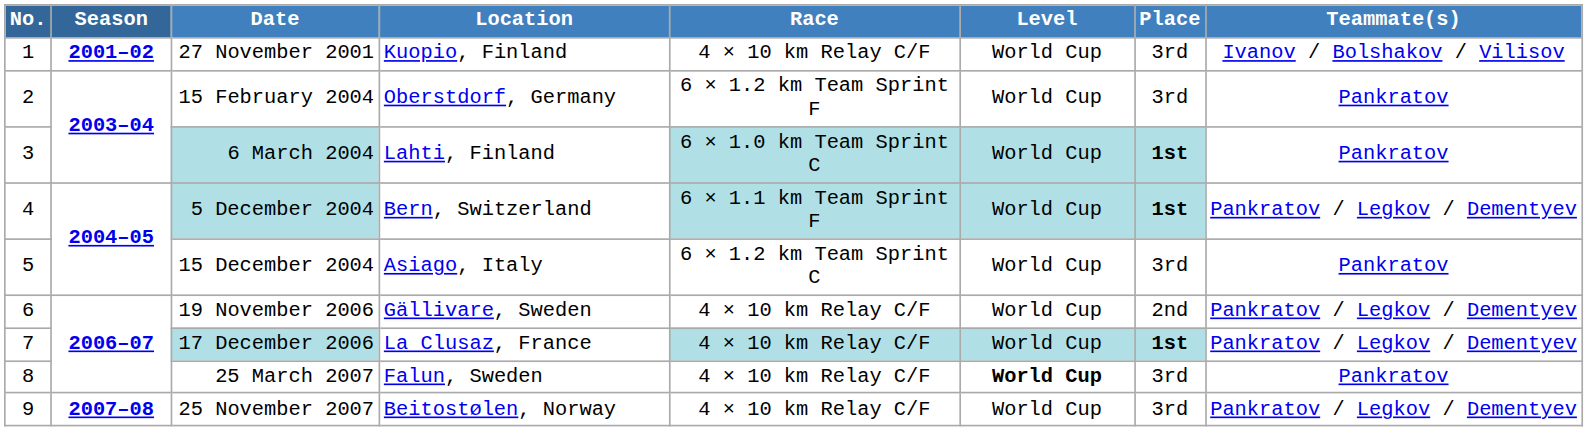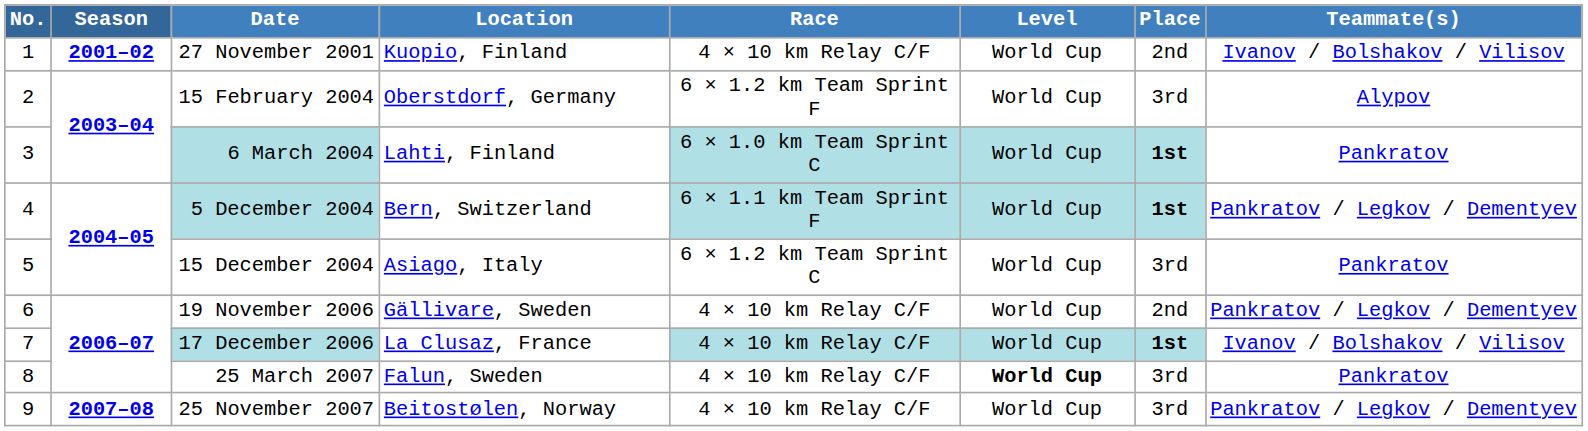 <table class="wikitable sortable" style="font-size:95%; text-align:center; border:grey solid 1px; border-collapse:collapse; background:#ffffff;">
 <tr style="background:#efefef;">
 <th style="background-color:#369; color:white;">No.</th>
 <th style="background-color:#369; color:white;">Season</th>
 <th style="background-color:#4180be; color:white; width:120px;">Date</th>
 <th style="background-color:#4180be; color:white; width:170px;">Location</th>
 <th style="background-color:#4180be; color:white; width:170px;">Race</th>
 <th style="background-color:#4180be; color:white; width:100px;">Level</th>
 <th style="background-color:#4180be; color:white;">Place</th>
 <th style="background-color:#4180be; color:white;">Teammate(s)</th>
 </tr>
 <tr>
 <td align=center>1</td>
 <td rowspan=1 align=center><strong> <a href='#'>2001–02</a> </strong></td>
 <td align=right>27 November 2001</td>
 <td align=left> <a href='#'>Kuopio</a>, Finland</td>
 <td>4 × 10 km Relay C/F</td>
 <td>World Cup</td>
-<td>3rd</td>
+<td>2nd</td>
 <td><a href='#'>Ivanov</a> / <a href='#'>Bolshakov</a> / <a href='#'>Vilisov</a></td>
 </tr>
 <tr>
 <td align=center>2</td>
 <td rowspan=2 align=center><strong> <a href='#'>2003–04</a> </strong></td>
 <td align=right>15 February 2004</td>
 <td align=left> <a href='#'>Oberstdorf</a>, Germany</td>
 <td>6 × 1.2 km Team Sprint F</td>
 <td>World Cup</td>
 <td>3rd</td>
-<td><a href='#'>Pankratov</a></td>
+<td><a href='#'>Alypov</a></td>
 </tr>
 <tr>
 <td align=center>3</td>
 <td bgcolor="#BOEOE6" align=right>6 March 2004</td>
 <td align=left> <a href='#'>Lahti</a>, Finland</td>
 <td bgcolor="#BOEOE6">6 × 1.0 km Team Sprint C</td>
 <td bgcolor="#BOEOE6">World Cup</td>
 <td bgcolor="#BOEOE6"><strong>1st</strong></td>
 <td><a href='#'>Pankratov</a></td>
 </tr>
 <tr>
 <td align=center>4</td>
 <td rowspan=2 align=center><strong><a href='#'>2004–05</a></strong></td>
 <td bgcolor="#BOEOE6" align=right>5 December 2004</td>
 <td align=left> <a href='#'>Bern</a>, Switzerland</td>
 <td bgcolor="#BOEOE6">6 × 1.1 km Team Sprint F</td>
 <td bgcolor="#BOEOE6">World Cup</td>
 <td bgcolor="#BOEOE6"><strong>1st</strong></td>
 <td><a href='#'>Pankratov</a> / <a href='#'>Legkov</a> / <a href='#'>Dementyev</a></td>
 </tr>
 <tr>
 <td align=center>5</td>
 <td align=right>15 December 2004</td>
 <td align=left> <a href='#'>Asiago</a>, Italy</td>
 <td>6 × 1.2 km Team Sprint C</td>
 <td>World Cup</td>
 <td>3rd</td>
 <td><a href='#'>Pankratov</a></td>
 </tr>
 <tr>
 <td align=center>6</td>
 <td rowspan=3 align=center><strong> <a href='#'>2006–07</a> </strong></td>
 <td align=right>19 November 2006</td>
 <td align=left> <a href='#'>Gällivare</a>, Sweden</td>
 <td>4 × 10 km Relay C/F</td>
 <td>World Cup</td>
 <td>2nd</td>
 <td><a href='#'>Pankratov</a> / <a href='#'>Legkov</a> / <a href='#'>Dementyev</a></td>
 </tr>
 <tr>
 <td align=center>7</td>
 <td bgcolor="#BOEOE6" align=right>17 December 2006</td>
 <td align=left> <a href='#'>La Clusaz</a>, France</td>
 <td bgcolor="#BOEOE6">4 × 10 km Relay C/F</td>
 <td bgcolor="#BOEOE6">World Cup</td>
 <td bgcolor="#BOEOE6"><strong>1st</strong></td>
-<td><a href='#'>Pankratov</a> / <a href='#'>Legkov</a> / <a href='#'>Dementyev</a></td>
+<td><a href='#'>Ivanov</a> / <a href='#'>Bolshakov</a> / <a href='#'>Vilisov</a></td>
 </tr>
 <tr>
 <td align=center>8</td>
 <td align=right>25 March 2007</td>
 <td align=left> <a href='#'>Falun</a>, Sweden</td>
 <td>4 × 10 km Relay C/F</td>
 <td><strong>World Cup</strong></td>
 <td>3rd</td>
 <td><a href='#'>Pankratov</a></td>
 </tr>
 <tr>
 <td align=center>9</td>
 <td rowspan=1 align=center><strong> <a href='#'>2007–08</a> </strong></td>
 <td align=right>25 November 2007</td>
 <td align=left> <a href='#'>Beitostølen</a>, Norway</td>
 <td>4 × 10 km Relay C/F</td>
 <td>World Cup</td>
 <td>3rd</td>
 <td><a href='#'>Pankratov</a> / <a href='#'>Legkov</a> / <a href='#'>Dementyev</a></td>
 </tr>
 </table>
